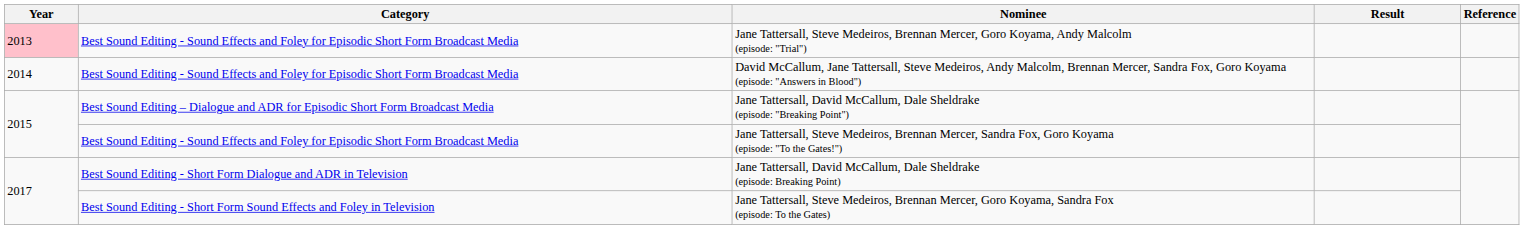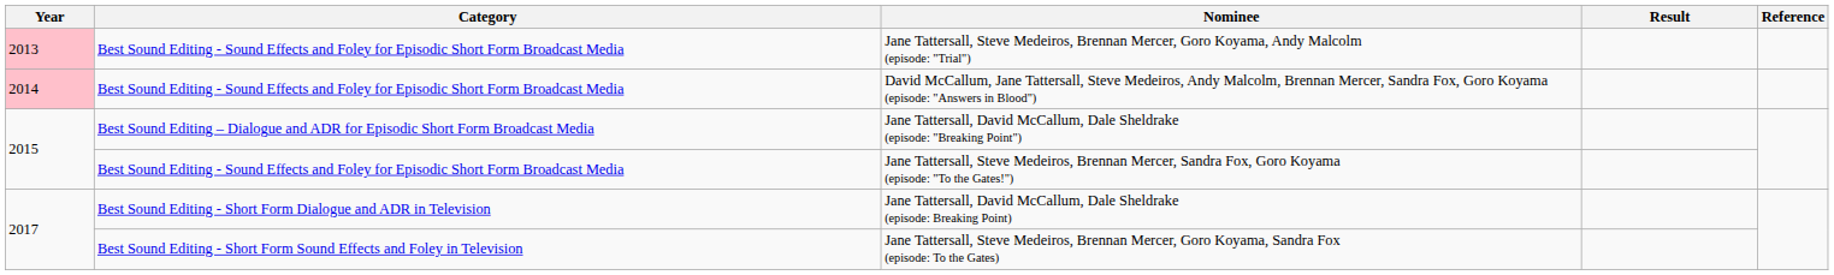 <table class="wikitable">
 <tr>
 <th width=5%>Year</th>
 <th width=45%>Category</th>
 <th width=40%>Nominee</th>
 <th width=10%>Result</th>
 <th width=5%>Reference</th>
 </tr>
 <tr>
 <td style="background: pink;">2013</td>
 <td><a href='#'>Best Sound Editing - Sound Effects and Foley for Episodic Short Form Broadcast Media</a></td>
 <td>Jane Tattersall, Steve Medeiros, Brennan Mercer, Goro Koyama, Andy Malcolm<br><small>(episode: "Trial")</small></td>
 <td></td>
 <td></td>
 </tr>
 <tr>
-<td>2014</td>
+<td style="background: pink;">2014</td>
 <td><a href='#'>Best Sound Editing - Sound Effects and Foley for Episodic Short Form Broadcast Media</a></td>
 <td>David McCallum, Jane Tattersall, Steve Medeiros, Andy Malcolm, Brennan Mercer, Sandra Fox, Goro Koyama<br><small>(episode: "Answers in Blood")</small></td>
 <td></td>
 <td></td>
 </tr>
 <tr>
 <td rowspan="2">2015</td>
 <td><a href='#'>Best Sound Editing – Dialogue and ADR for Episodic Short Form Broadcast Media</a></td>
 <td>Jane Tattersall, David McCallum, Dale Sheldrake<br><small>(episode: "Breaking Point")</small></td>
 <td></td>
 <td rowspan="2"></td>
 </tr>
 <tr>
 <td><a href='#'>Best Sound Editing - Sound Effects and Foley for Episodic Short Form Broadcast Media</a></td>
 <td>Jane Tattersall, Steve Medeiros, Brennan Mercer, Sandra Fox, Goro Koyama<br><small>(episode: "To the Gates!")</small></td>
 <td></td>
 </tr>
 <tr>
 <td rowspan="2">2017</td>
 <td><a href='#'>Best Sound Editing - Short Form Dialogue and ADR in Television</a></td>
 <td>Jane Tattersall, David McCallum, Dale Sheldrake<br><small>(episode: Breaking Point)</small></td>
 <td></td>
 <td rowspan="2"></td>
 </tr>
 <tr>
 <td><a href='#'>Best Sound Editing - Short Form Sound Effects and Foley in Television</a></td>
 <td>Jane Tattersall, Steve Medeiros, Brennan Mercer, Goro Koyama, Sandra Fox<br><small>(episode: To the Gates)</small></td>
 <td></td>
 </tr>
 </table>
